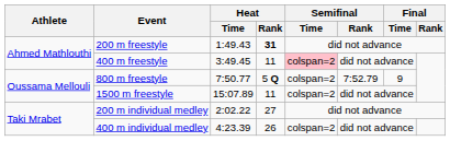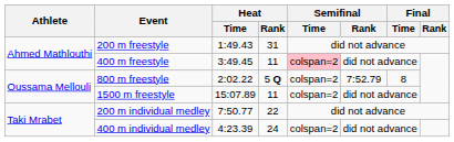 <table class=wikitable style="font-size:90%">
 <tr>
 <th rowspan=2>Athlete</th>
 <th rowspan=2>Event</th>
 <th colspan="2">Heat</th>
 <th colspan="2">Semifinal</th>
 <th colspan="2">Final</th>
 </tr>
 <tr style="font-size:95%">
 <th>Time</th>
 <th>Rank</th>
 <th>Time</th>
 <th>Rank</th>
 <th>Time</th>
 <th>Rank</th>
 </tr>
 <tr align=center>
 <td align=left rowspan=2><a href='#'>Ahmed Mathlouthi</a></td>
 <td align=left><a href='#'>200 m freestyle</a></td>
 <td>1:49.43</td>
-<td><strong>31</strong></td>
+<td>31</td>
 <td colspan=4>did not advance</td>
 </tr>
 <tr align=center>
 <td align=left><a href='#'>400 m freestyle</a></td>
 <td>3:49.45</td>
 <td>11</td>
 <td style="background: pink;">colspan=2 </td>
 <td colspan=2>did not advance</td>
 </tr>
 <tr align=center>
 <td align=left rowspan=2><a href='#'>Oussama Mellouli</a></td>
 <td align=left><a href='#'>800 m freestyle</a></td>
-<td>7:50.77</td>
+<td>2:02.22</td>
 <td>5 <strong>Q</strong></td>
 <td>colspan=2 </td>
 <td>7:52.79</td>
-<td>9</td>
+<td>8</td>
 </tr>
 <tr align=center>
 <td align=left><a href='#'>1500 m freestyle</a></td>
 <td>15:07.89</td>
 <td>11</td>
 <td>colspan=2 </td>
 <td colspan=2>did not advance</td>
 </tr>
 <tr align=center>
 <td align=left rowspan=2><a href='#'>Taki Mrabet</a></td>
 <td align=left><a href='#'>200 m individual medley</a></td>
-<td>2:02.22</td>
-<td>27</td>
+<td>7:50.77</td>
+<td>22</td>
 <td colspan=4>did not advance</td>
 </tr>
 <tr align=center>
 <td align=left><a href='#'>400 m individual medley</a></td>
 <td>4:23.39</td>
-<td>26</td>
+<td>24</td>
 <td>colspan=2 </td>
 <td colspan=2>did not advance</td>
 </tr>
 </table>
